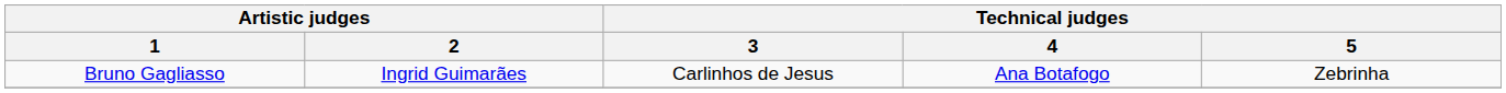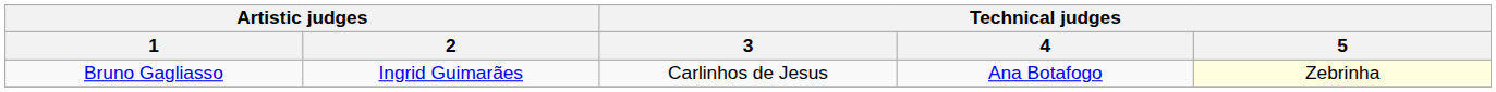 <table class="wikitable" style="font-size:100%; line-height:16px; text-align:center" width="100%">
 <tr>
 <th colspan=2>Artistic judges</th>
 <th colspan=3>Technical judges</th>
 </tr>
 <tr>
 <th width="20.0%">1</th>
 <th width="20.0%">2</th>
 <th width="20.0%">3</th>
 <th width="20.0%">4</th>
 <th width="20.0%">5</th>
 </tr>
 <tr>
 <td><a href='#'>Bruno Gagliasso</a></td>
 <td><a href='#'>Ingrid Guimarães</a></td>
 <td>Carlinhos de Jesus</td>
 <td><a href='#'>Ana Botafogo</a></td>
-<td>Zebrinha</td>
+<td style="background: lightyellow;">Zebrinha</td>
 </tr>
 <tr>
 </tr>
 </table>
